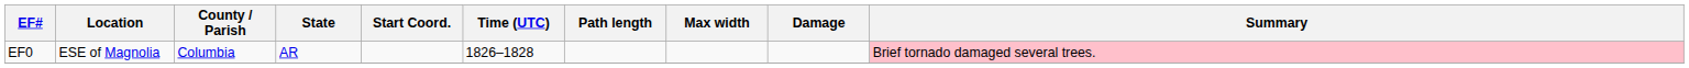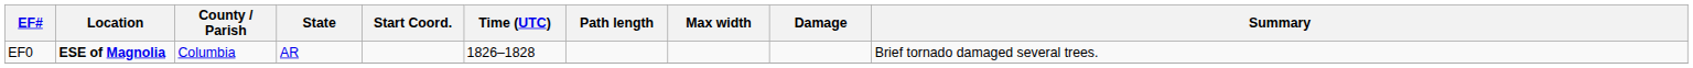 <table class="wikitable sortable" style="width:100%;">
 <tr>
 <th scope="col" width="3%" align="center"><a href='#'>EF#</a></th>
 <th scope="col" width="7%" align="center" class="unsortable">Location</th>
 <th scope="col" width="6%" align="center" class="unsortable">County / Parish</th>
 <th scope="col" width="5%" align="center">State</th>
 <th scope="col" width="6%" align="center">Start Coord.</th>
 <th scope="col" width="6%" align="center">Time (<a href='#'>UTC</a>)</th>
 <th scope="col" width="6%" align="center">Path length</th>
 <th scope="col" width="6%" align="center">Max width</th>
 <th scope="col" width="6%" align="center">Damage</th>
 <th scope="col" width="48%" class="unsortable" align="center">Summary</th>
 </tr>
 <tr>
 <td>EF0</td>
-<td>ESE of <a href='#'>Magnolia</a></td>
+<td><strong>ESE of <a href='#'>Magnolia</a></strong></td>
 <td><a href='#'>Columbia</a></td>
 <td><a href='#'>AR</a></td>
 <td></td>
 <td>1826–1828</td>
 <td></td>
 <td></td>
 <td></td>
-<td style="background: pink;">Brief tornado damaged several trees.</td>
+<td>Brief tornado damaged several trees.</td>
 </tr>
 <tr>
 </tr>
 </table>
